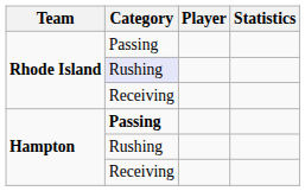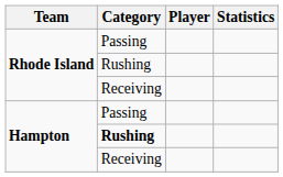 <table class="wikitable" style="float: right;">
 <tr>
 <th>Team</th>
 <th>Category</th>
 <th>Player</th>
 <th>Statistics</th>
 </tr>
 <tr>
 <td rowspan=3><strong>Rhode Island</strong></td>
 <td>Passing</td>
 <td></td>
 <td></td>
 </tr>
 <tr>
-<td style="background: lavender;">Rushing</td>
+<td>Rushing</td>
 <td></td>
 <td></td>
 </tr>
 <tr>
 <td>Receiving</td>
 <td></td>
 <td></td>
 </tr>
 <tr>
 <td rowspan=3><strong>Hampton</strong></td>
-<td><strong>Passing</strong></td>
+<td>Passing</td>
 <td></td>
 <td></td>
 </tr>
 <tr>
-<td>Rushing</td>
+<td><strong>Rushing</strong></td>
 <td></td>
 <td></td>
 </tr>
 <tr>
 <td>Receiving</td>
 <td></td>
 <td></td>
 </tr>
 </table>
